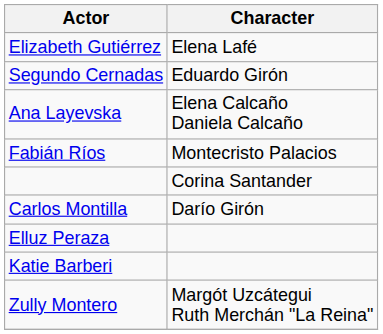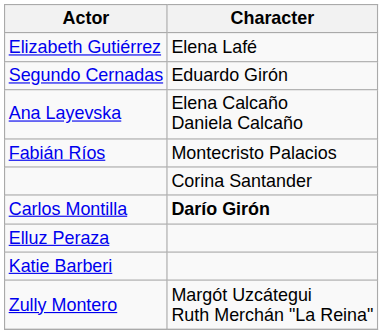 <table class="wikitable">
 <tr>
 <th>Actor</th>
 <th>Character</th>
 </tr>
 <tr>
 <td><a href='#'>Elizabeth Gutiérrez</a></td>
 <td>Elena Lafé</td>
 </tr>
 <tr>
 <td><a href='#'>Segundo Cernadas</a></td>
 <td>Eduardo Girón</td>
 </tr>
 <tr>
 <td><a href='#'>Ana Layevska</a></td>
 <td>Elena Calcaño <br> Daniela Calcaño</td>
 </tr>
 <tr>
 <td><a href='#'>Fabián Ríos</a></td>
 <td>Montecristo Palacios</td>
 </tr>
 <tr>
 <td></td>
 <td>Corina Santander</td>
 </tr>
 <tr>
 <td><a href='#'>Carlos Montilla</a></td>
-<td>Darío Girón</td>
+<td><strong>Darío Girón</strong></td>
 </tr>
 <tr>
 <td><a href='#'>Elluz Peraza</a></td>
 <td></td>
 </tr>
 <tr>
 <td><a href='#'>Katie Barberi</a></td>
 <td></td>
 </tr>
 <tr>
 <td><a href='#'>Zully Montero</a></td>
 <td>Margót Uzcátegui <br>  Ruth Merchán "La Reina"</td>
 </tr>
 <tr>
 </tr>
 </table>
